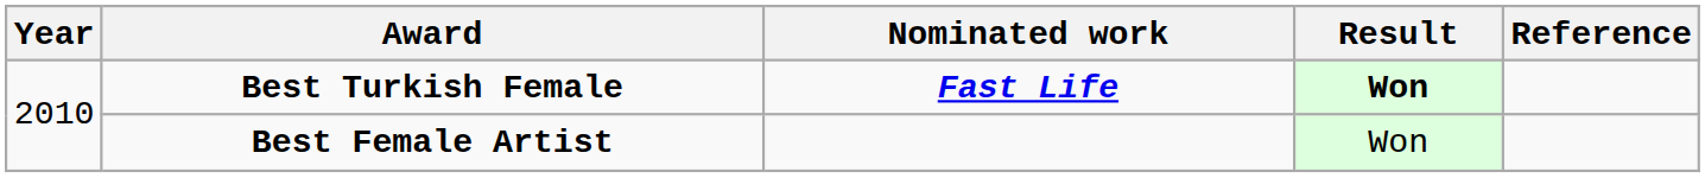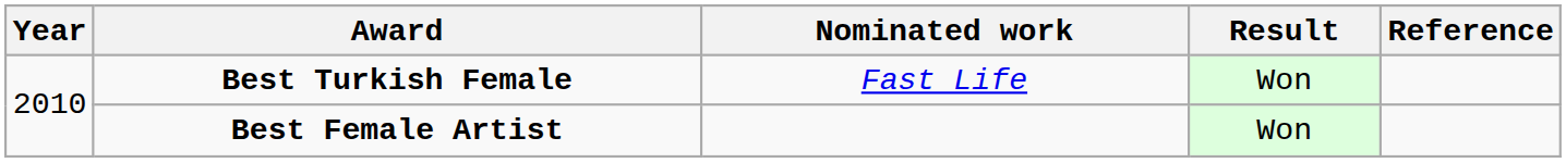 <table class="wikitable">
 <tr>
 <th>Year</th>
 <th>Award</th>
 <th>Nominated work</th>
 <th>Result</th>
 <th>Reference</th>
 </tr>
 <tr>
 <td rowspan="2">2010</td>
 <td width="250" align="center"><strong>Best Turkish Female</strong></td>
-<td width="200"  align="center" rowspan="1"><strong><em><a href='#'>Fast Life</a></em></strong></td>
-<td align="center" width="75" style="background: #ddffdd"><strong>Won</strong></td>
+<td width="200"  align="center" rowspan="1"><em><a href='#'>Fast Life</a></em></td>
+<td align="center" width="75" style="background: #ddffdd">Won</td>
 <td align="center"></td>
 </tr>
 <tr>
 <td width="250" align="center"><strong>Best Female Artist</strong></td>
 <td width="200"  align="center" rowspan="1"></td>
 <td align="center" width="75" style="background: #ddffdd">Won</td>
 <td align="center"></td>
 </tr>
 </table>
